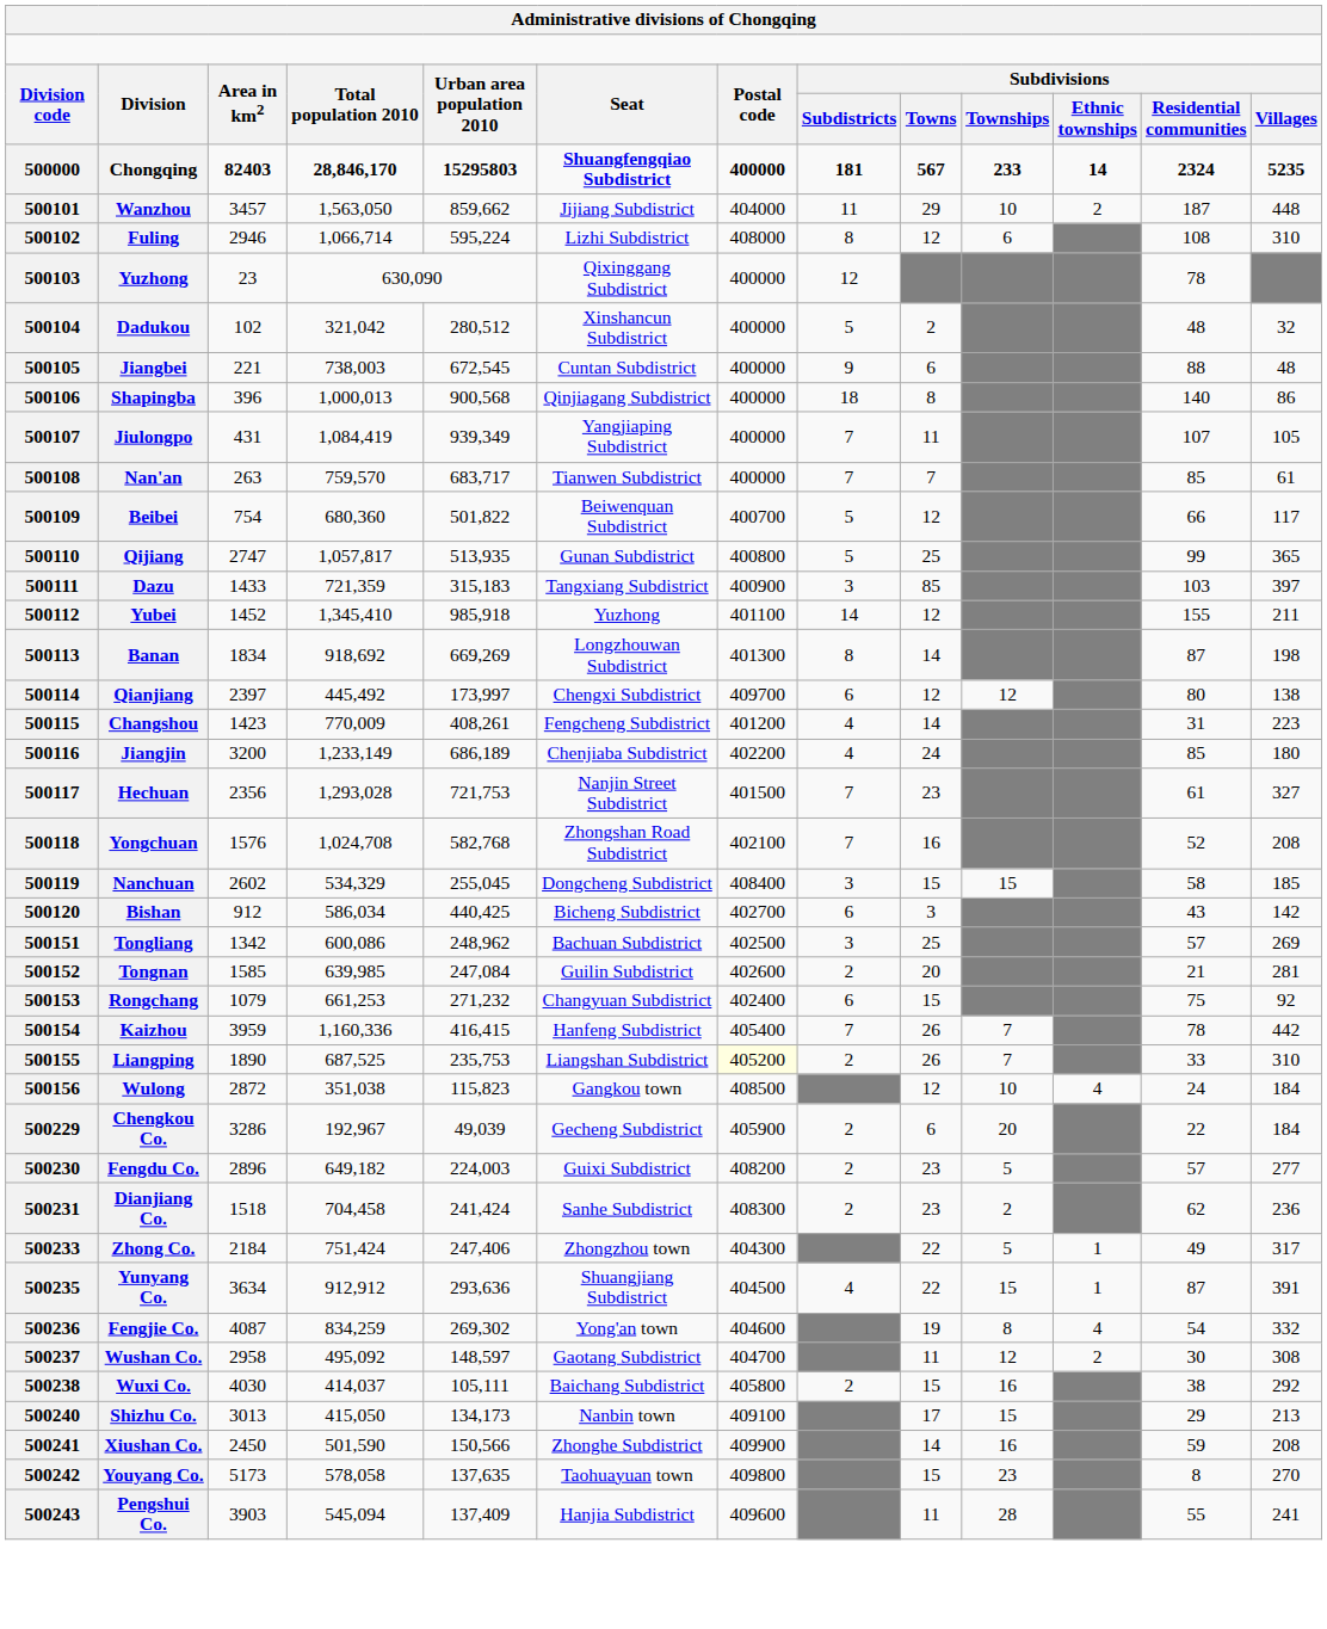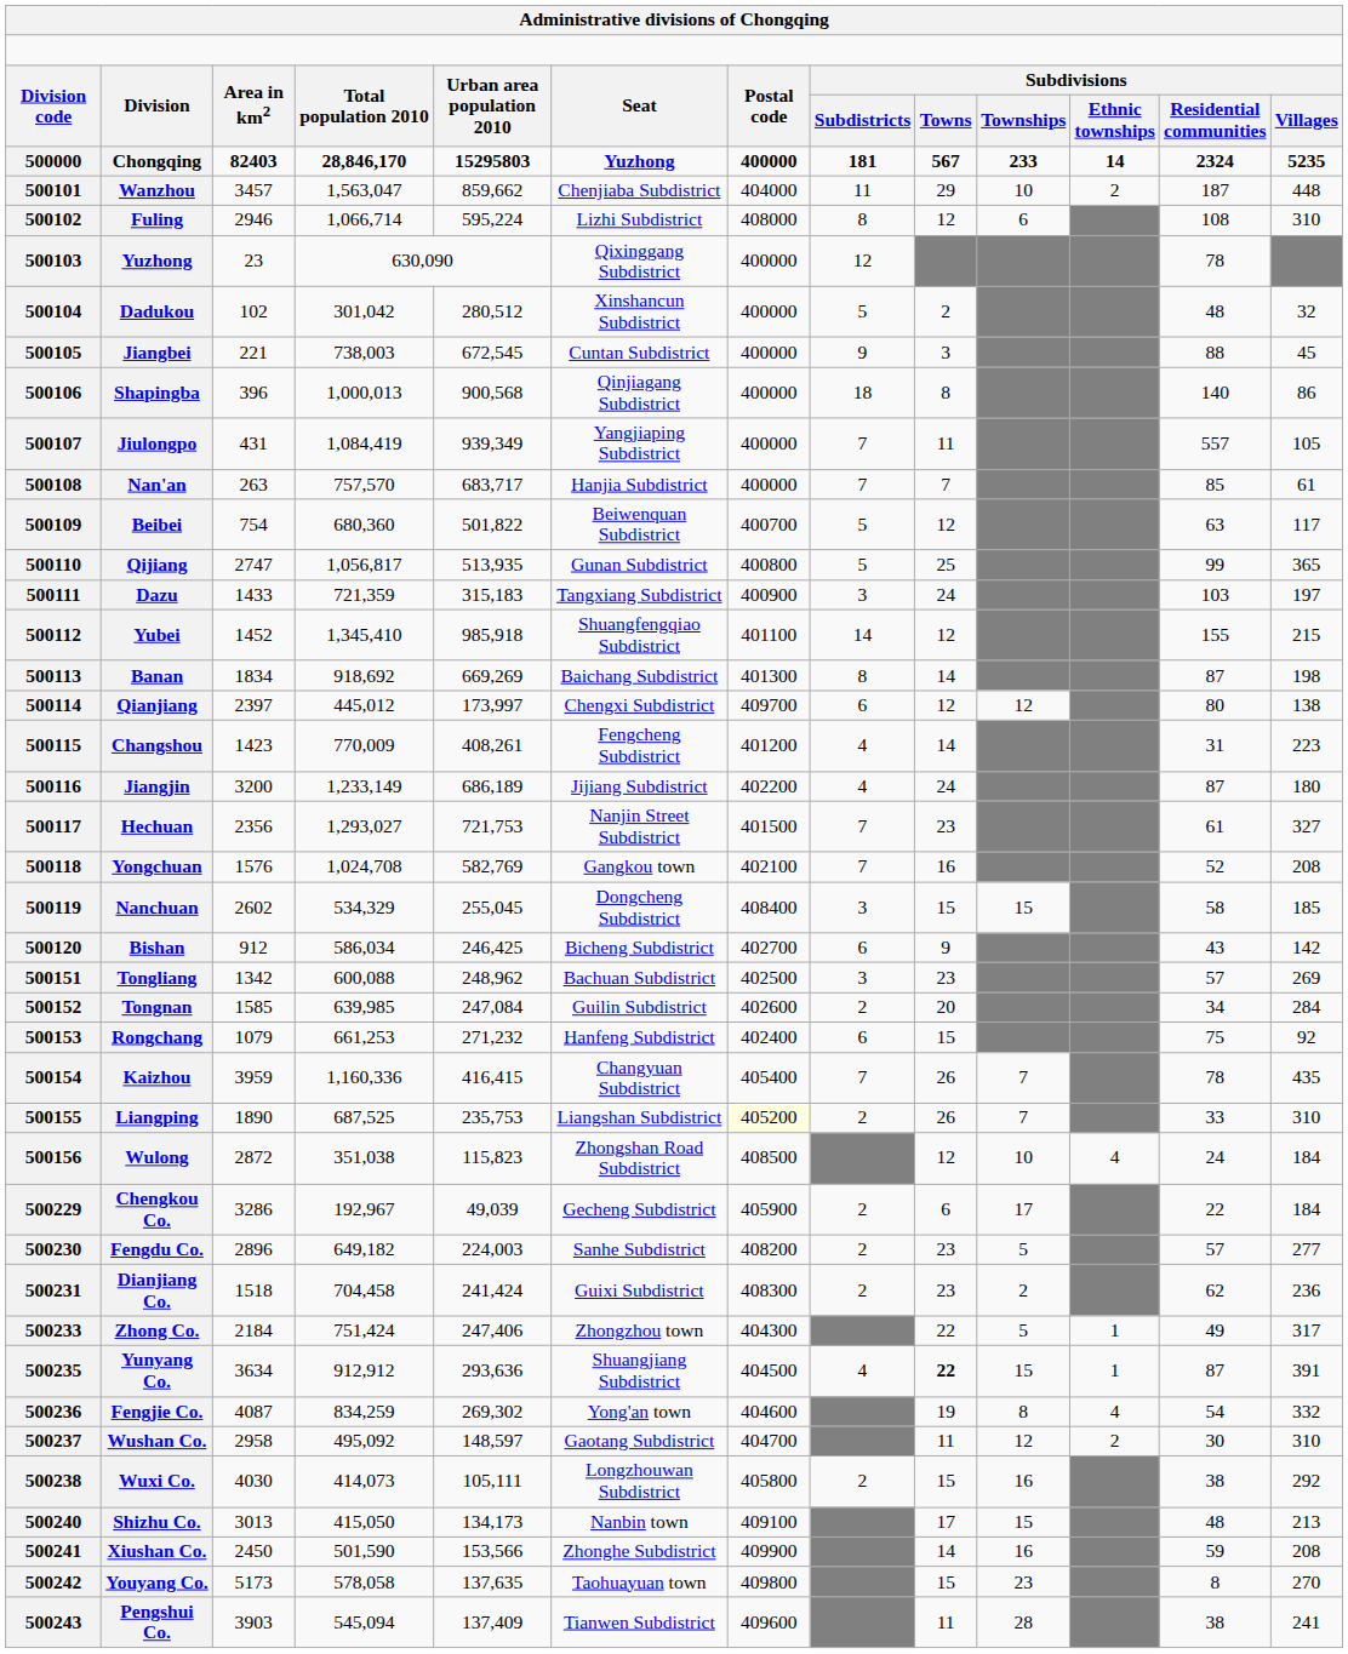 <table class="wikitable" style="margin:1em auto 1em auto; width:90%; text-align:center">
 <tr>
 <th colspan="14">Administrative divisions of Chongqing</th>
 </tr>
 <tr>
 <td colspan="14"><div><br>                                                      </div></td>
 </tr>
 <tr>
 <th ! scope="col" rowspan=2><a href='#'>Division code</a></th>
 <th ! scope="col" rowspan=2>Division</th>
 <th ! scope="col" rowspan=2>Area in km<sup>2</sup></th>
 <th ! scope="col" rowspan=2>Total population 2010</th>
 <th ! scope="col" rowspan=2>Urban area<br>population 2010</th>
 <th ! scope="col" rowspan=2>Seat</th>
 <th ! scope="col" rowspan=2>Postal code</th>
 <th ! scope="col" colspan=8>Subdivisions</th>
 </tr>
 <tr>
 <th ! scope="col" width="45"><a href='#'>Subdistricts</a></th>
 <th ! scope="col" width="45"><a href='#'>Towns</a></th>
 <th ! scope="col" width="45"><a href='#'>Townships</a><br></th>
 <th ! scope="col" width="45"><a href='#'>Ethnic townships</a></th>
 <th ! scope="col" width="45"><a href='#'>Residential communities</a></th>
 <th ! scope="col" width="45"><a href='#'>Villages</a></th>
 </tr>
 <tr style="font-weight: bold">
 <th>500000</th>
 <th>Chongqing</th>
 <td>82403</td>
 <td>28,846,170</td>
 <td>15295803</td>
-<td><a href='#'>Shuangfengqiao Subdistrict</a></td>
+<td><a href='#'>Yuzhong</a></td>
 <td>400000</td>
 <td>181</td>
 <td>567</td>
 <td>233</td>
 <td>14</td>
 <td>2324</td>
 <td>5235</td>
 </tr>
 <tr>
 <th>500101</th>
 <th><a href='#'>Wanzhou</a></th>
 <td>3457</td>
-<td>1,563,050</td>
+<td>1,563,047</td>
 <td>859,662</td>
-<td><a href='#'>Jijiang Subdistrict</a></td>
+<td><a href='#'>Chenjiaba Subdistrict</a></td>
 <td>404000</td>
 <td>11</td>
 <td>29</td>
 <td>10</td>
 <td>2</td>
 <td>187</td>
 <td>448</td>
 </tr>
 <tr>
 <th>500102</th>
 <th><a href='#'>Fuling</a></th>
 <td>2946</td>
 <td>1,066,714</td>
 <td>595,224</td>
 <td><a href='#'>Lizhi Subdistrict</a></td>
 <td>408000</td>
 <td>8</td>
 <td>12</td>
 <td>6</td>
 <td bgcolor="grey"></td>
 <td>108</td>
 <td>310</td>
 </tr>
 <tr>
 <th>500103</th>
 <th><a href='#'>Yuzhong</a></th>
 <td>23</td>
 <td colspan="2">630,090</td>
 <td><a href='#'>Qixinggang Subdistrict</a></td>
 <td>400000</td>
 <td>12</td>
 <td bgcolor="grey"></td>
 <td bgcolor="grey"></td>
 <td bgcolor="grey"></td>
 <td>78</td>
 <td bgcolor="grey"></td>
 </tr>
 <tr>
 <th>500104</th>
 <th><a href='#'>Dadukou</a></th>
 <td>102</td>
-<td>321,042</td>
+<td>301,042</td>
 <td>280,512</td>
 <td><a href='#'>Xinshancun Subdistrict</a></td>
 <td>400000</td>
 <td>5</td>
 <td>2</td>
 <td bgcolor="grey"></td>
 <td bgcolor="grey"></td>
 <td>48</td>
 <td>32</td>
 </tr>
 <tr>
 <th>500105</th>
 <th><a href='#'>Jiangbei</a></th>
 <td>221</td>
 <td>738,003</td>
 <td>672,545</td>
 <td><a href='#'>Cuntan Subdistrict</a></td>
 <td>400000</td>
 <td>9</td>
-<td>6</td>
+<td>3</td>
 <td bgcolor="grey"></td>
 <td bgcolor="grey"></td>
 <td>88</td>
-<td>48</td>
+<td>45</td>
 </tr>
 <tr>
 <th>500106</th>
 <th><a href='#'>Shapingba</a></th>
 <td>396</td>
 <td>1,000,013</td>
 <td>900,568</td>
 <td><a href='#'>Qinjiagang Subdistrict</a></td>
 <td>400000</td>
 <td>18</td>
 <td>8</td>
 <td bgcolor="grey"></td>
 <td bgcolor="grey"></td>
 <td>140</td>
 <td>86</td>
 </tr>
 <tr>
 <th>500107</th>
 <th><a href='#'>Jiulongpo</a></th>
 <td>431</td>
 <td>1,084,419</td>
 <td>939,349</td>
 <td><a href='#'>Yangjiaping Subdistrict</a></td>
 <td>400000</td>
 <td>7</td>
 <td>11</td>
 <td bgcolor="grey"></td>
 <td bgcolor="grey"></td>
-<td>107</td>
+<td>557</td>
 <td>105</td>
 </tr>
 <tr>
 <th>500108</th>
 <th><a href='#'>Nan'an</a></th>
 <td>263</td>
-<td>759,570</td>
+<td>757,570</td>
 <td>683,717</td>
-<td><a href='#'>Tianwen Subdistrict</a></td>
+<td><a href='#'>Hanjia Subdistrict</a></td>
 <td>400000</td>
 <td>7</td>
 <td>7</td>
 <td bgcolor="grey"></td>
 <td bgcolor="grey"></td>
 <td>85</td>
 <td>61</td>
 </tr>
 <tr>
 <th>500109</th>
 <th><a href='#'>Beibei</a></th>
 <td>754</td>
 <td>680,360</td>
 <td>501,822</td>
 <td><a href='#'>Beiwenquan Subdistrict</a></td>
 <td>400700</td>
 <td>5</td>
 <td>12</td>
 <td bgcolor="grey"></td>
 <td bgcolor="grey"></td>
-<td>66</td>
+<td>63</td>
 <td>117</td>
 </tr>
 <tr>
 <th>500110</th>
 <th><a href='#'>Qijiang</a></th>
 <td>2747</td>
-<td>1,057,817</td>
+<td>1,056,817</td>
 <td>513,935</td>
 <td><a href='#'>Gunan Subdistrict</a></td>
 <td>400800</td>
 <td>5</td>
 <td>25</td>
 <td bgcolor="grey"></td>
 <td bgcolor="grey"></td>
 <td>99</td>
 <td>365</td>
 </tr>
 <tr>
 <th>500111</th>
 <th><a href='#'>Dazu</a></th>
 <td>1433</td>
 <td>721,359</td>
 <td>315,183</td>
 <td><a href='#'>Tangxiang Subdistrict</a></td>
 <td>400900</td>
 <td>3</td>
-<td>85</td>
+<td>24</td>
 <td bgcolor="grey"></td>
 <td bgcolor="grey"></td>
 <td>103</td>
-<td>397</td>
+<td>197</td>
 </tr>
 <tr>
 <th>500112</th>
 <th><a href='#'>Yubei</a></th>
 <td>1452</td>
 <td>1,345,410</td>
 <td>985,918</td>
-<td><a href='#'>Yuzhong</a></td>
+<td><a href='#'>Shuangfengqiao Subdistrict</a></td>
 <td>401100</td>
 <td>14</td>
 <td>12</td>
 <td bgcolor="grey"></td>
 <td bgcolor="grey"></td>
 <td>155</td>
-<td>211</td>
+<td>215</td>
 </tr>
 <tr>
 <th>500113</th>
 <th><a href='#'>Banan</a></th>
 <td>1834</td>
 <td>918,692</td>
 <td>669,269</td>
-<td><a href='#'>Longzhouwan Subdistrict</a></td>
+<td><a href='#'>Baichang Subdistrict</a></td>
 <td>401300</td>
 <td>8</td>
 <td>14</td>
 <td bgcolor="grey"></td>
 <td bgcolor="grey"></td>
 <td>87</td>
 <td>198</td>
 </tr>
 <tr>
 <th>500114</th>
 <th><a href='#'>Qianjiang</a></th>
 <td>2397</td>
-<td>445,492</td>
+<td>445,012</td>
 <td>173,997</td>
 <td><a href='#'>Chengxi Subdistrict</a></td>
 <td>409700</td>
 <td>6</td>
 <td>12</td>
 <td>12</td>
 <td bgcolor="grey"></td>
 <td>80</td>
 <td>138</td>
 </tr>
 <tr>
 <th>500115</th>
 <th><a href='#'>Changshou</a></th>
 <td>1423</td>
 <td>770,009</td>
 <td>408,261</td>
 <td><a href='#'>Fengcheng Subdistrict</a></td>
 <td>401200</td>
 <td>4</td>
 <td>14</td>
 <td bgcolor="grey"></td>
 <td bgcolor="grey"></td>
 <td>31</td>
 <td>223</td>
 </tr>
 <tr>
 <th>500116</th>
 <th><a href='#'>Jiangjin</a></th>
 <td>3200</td>
 <td>1,233,149</td>
 <td>686,189</td>
-<td><a href='#'>Chenjiaba Subdistrict</a></td>
+<td><a href='#'>Jijiang Subdistrict</a></td>
 <td>402200</td>
 <td>4</td>
 <td>24</td>
 <td bgcolor="grey"></td>
 <td bgcolor="grey"></td>
-<td>85</td>
+<td>87</td>
 <td>180</td>
 </tr>
 <tr>
 <th>500117</th>
 <th><a href='#'>Hechuan</a></th>
 <td>2356</td>
-<td>1,293,028</td>
+<td>1,293,027</td>
 <td>721,753</td>
 <td><a href='#'>Nanjin Street Subdistrict</a></td>
 <td>401500</td>
 <td>7</td>
 <td>23</td>
 <td bgcolor="grey"></td>
 <td bgcolor="grey"></td>
 <td>61</td>
 <td>327</td>
 </tr>
 <tr>
 <th>500118</th>
 <th><a href='#'>Yongchuan</a></th>
 <td>1576</td>
 <td>1,024,708</td>
-<td>582,768</td>
-<td><a href='#'>Zhongshan Road Subdistrict</a></td>
+<td>582,769</td>
+<td><a href='#'>Gangkou</a> town</td>
 <td>402100</td>
 <td>7</td>
 <td>16</td>
 <td bgcolor="grey"></td>
 <td bgcolor="grey"></td>
 <td>52</td>
 <td>208</td>
 </tr>
 <tr>
 <th>500119</th>
 <th><a href='#'>Nanchuan</a></th>
 <td>2602</td>
 <td>534,329</td>
 <td>255,045</td>
 <td><a href='#'>Dongcheng Subdistrict</a></td>
 <td>408400</td>
 <td>3</td>
 <td>15</td>
 <td>15</td>
 <td bgcolor="grey"></td>
 <td>58</td>
 <td>185</td>
 </tr>
 <tr>
 <th>500120</th>
 <th><a href='#'>Bishan</a></th>
 <td>912</td>
 <td>586,034</td>
-<td>440,425</td>
+<td>246,425</td>
 <td><a href='#'>Bicheng Subdistrict</a></td>
 <td>402700</td>
 <td>6</td>
-<td>3</td>
+<td>9</td>
 <td bgcolor="grey"></td>
 <td bgcolor="grey"></td>
 <td>43</td>
 <td>142</td>
 </tr>
 <tr>
 <th>500151</th>
 <th><a href='#'>Tongliang</a></th>
 <td>1342</td>
-<td>600,086</td>
+<td>600,088</td>
 <td>248,962</td>
 <td><a href='#'>Bachuan Subdistrict</a></td>
 <td>402500</td>
 <td>3</td>
-<td>25</td>
+<td>23</td>
 <td bgcolor="grey"></td>
 <td bgcolor="grey"></td>
 <td>57</td>
 <td>269</td>
 </tr>
 <tr>
 <th>500152</th>
 <th><a href='#'>Tongnan</a></th>
 <td>1585</td>
 <td>639,985</td>
 <td>247,084</td>
 <td><a href='#'>Guilin Subdistrict</a></td>
 <td>402600</td>
 <td>2</td>
 <td>20</td>
 <td bgcolor="grey"></td>
 <td bgcolor="grey"></td>
-<td>21</td>
-<td>281</td>
+<td>34</td>
+<td>284</td>
 </tr>
 <tr>
 <th>500153</th>
 <th><a href='#'>Rongchang</a></th>
 <td>1079</td>
 <td>661,253</td>
 <td>271,232</td>
-<td><a href='#'>Changyuan Subdistrict</a></td>
+<td><a href='#'>Hanfeng Subdistrict</a></td>
 <td>402400</td>
 <td>6</td>
 <td>15</td>
 <td bgcolor="grey"></td>
 <td bgcolor="grey"></td>
 <td>75</td>
 <td>92</td>
 </tr>
 <tr>
 <th>500154</th>
 <th><a href='#'>Kaizhou</a></th>
 <td>3959</td>
 <td>1,160,336</td>
 <td>416,415</td>
-<td><a href='#'>Hanfeng Subdistrict</a></td>
+<td><a href='#'>Changyuan Subdistrict</a></td>
 <td>405400</td>
 <td>7</td>
 <td>26</td>
 <td>7</td>
 <td bgcolor="grey"></td>
 <td>78</td>
-<td>442</td>
+<td>435</td>
 </tr>
 <tr>
 <th>500155</th>
 <th><a href='#'>Liangping</a></th>
 <td>1890</td>
 <td>687,525</td>
 <td>235,753</td>
 <td><a href='#'>Liangshan Subdistrict</a></td>
 <td style="background: lightyellow;">405200</td>
 <td>2</td>
 <td>26</td>
 <td>7</td>
 <td bgcolor="grey"></td>
 <td>33</td>
 <td>310</td>
 </tr>
 <tr>
 <th>500156</th>
 <th><a href='#'>Wulong</a></th>
 <td>2872</td>
 <td>351,038</td>
 <td>115,823</td>
-<td><a href='#'>Gangkou</a> town</td>
+<td><a href='#'>Zhongshan Road Subdistrict</a></td>
 <td>408500</td>
 <td bgcolor="grey"></td>
 <td>12</td>
 <td>10</td>
 <td>4</td>
 <td>24</td>
 <td>184</td>
 </tr>
 <tr>
 <th>500229</th>
 <th><a href='#'>Chengkou Co.</a></th>
 <td>3286</td>
 <td>192,967</td>
 <td>49,039</td>
 <td><a href='#'>Gecheng Subdistrict</a></td>
 <td>405900</td>
 <td>2</td>
 <td>6</td>
-<td>20</td>
+<td>17</td>
 <td bgcolor="grey"></td>
 <td>22</td>
 <td>184</td>
 </tr>
 <tr>
 <th>500230</th>
 <th><a href='#'>Fengdu Co.</a></th>
 <td>2896</td>
 <td>649,182</td>
 <td>224,003</td>
-<td><a href='#'>Guixi Subdistrict</a></td>
+<td><a href='#'>Sanhe Subdistrict</a></td>
 <td>408200</td>
 <td>2</td>
 <td>23</td>
 <td>5</td>
 <td bgcolor="grey"></td>
 <td>57</td>
 <td>277</td>
 </tr>
 <tr>
 <th>500231</th>
 <th><a href='#'>Dianjiang Co.</a></th>
 <td>1518</td>
 <td>704,458</td>
 <td>241,424</td>
-<td><a href='#'>Sanhe Subdistrict</a></td>
+<td><a href='#'>Guixi Subdistrict</a></td>
 <td>408300</td>
 <td>2</td>
 <td>23</td>
 <td>2</td>
 <td bgcolor="grey"></td>
 <td>62</td>
 <td>236</td>
 </tr>
 <tr>
 <th>500233</th>
 <th><a href='#'>Zhong Co.</a></th>
 <td>2184</td>
 <td>751,424</td>
 <td>247,406</td>
 <td><a href='#'>Zhongzhou</a> town</td>
 <td>404300</td>
 <td bgcolor="grey"></td>
 <td>22</td>
 <td>5</td>
 <td>1</td>
 <td>49</td>
 <td>317</td>
 </tr>
 <tr>
 <th>500235</th>
 <th><a href='#'>Yunyang Co.</a></th>
 <td>3634</td>
 <td>912,912</td>
 <td>293,636</td>
 <td><a href='#'>Shuangjiang Subdistrict</a></td>
 <td>404500</td>
 <td>4</td>
-<td>22</td>
+<td><strong>22</strong></td>
 <td>15</td>
 <td>1</td>
 <td>87</td>
 <td>391</td>
 </tr>
 <tr>
 <th>500236</th>
 <th><a href='#'>Fengjie Co.</a></th>
 <td>4087</td>
 <td>834,259</td>
 <td>269,302</td>
 <td><a href='#'>Yong'an</a> town</td>
 <td>404600</td>
 <td bgcolor="grey"></td>
 <td>19</td>
 <td>8</td>
 <td>4</td>
 <td>54</td>
 <td>332</td>
 </tr>
 <tr>
 <th>500237</th>
 <th><a href='#'>Wushan Co.</a></th>
 <td>2958</td>
 <td>495,092</td>
 <td>148,597</td>
 <td><a href='#'>Gaotang Subdistrict</a></td>
 <td>404700</td>
 <td bgcolor="grey"></td>
 <td>11</td>
 <td>12</td>
 <td>2</td>
 <td>30</td>
-<td>308</td>
+<td>310</td>
 </tr>
 <tr>
 <th>500238</th>
 <th><a href='#'>Wuxi Co.</a></th>
 <td>4030</td>
-<td>414,037</td>
+<td>414,073</td>
 <td>105,111</td>
-<td><a href='#'>Baichang Subdistrict</a></td>
+<td><a href='#'>Longzhouwan Subdistrict</a></td>
 <td>405800</td>
 <td>2</td>
 <td>15</td>
 <td>16</td>
 <td bgcolor="grey"></td>
 <td>38</td>
 <td>292</td>
 </tr>
 <tr>
 <th>500240</th>
 <th><a href='#'>Shizhu Co.</a></th>
 <td>3013</td>
 <td>415,050</td>
 <td>134,173</td>
 <td><a href='#'>Nanbin</a> town</td>
 <td>409100</td>
 <td bgcolor="grey"></td>
 <td>17</td>
 <td>15</td>
 <td bgcolor="grey"></td>
-<td>29</td>
+<td>48</td>
 <td>213</td>
 </tr>
 <tr>
 <th>500241</th>
 <th><a href='#'>Xiushan Co.</a></th>
 <td>2450</td>
 <td>501,590</td>
-<td>150,566</td>
+<td>153,566</td>
 <td><a href='#'>Zhonghe Subdistrict</a></td>
 <td>409900</td>
 <td bgcolor="grey"></td>
 <td>14</td>
 <td>16</td>
 <td bgcolor="grey"></td>
 <td>59</td>
 <td>208</td>
 </tr>
 <tr>
 <th>500242</th>
 <th><a href='#'>Youyang Co.</a></th>
 <td>5173</td>
 <td>578,058</td>
 <td>137,635</td>
 <td><a href='#'>Taohuayuan</a> town</td>
 <td>409800</td>
 <td bgcolor="grey"></td>
 <td>15</td>
 <td>23</td>
 <td bgcolor="grey"></td>
 <td>8</td>
 <td>270</td>
 </tr>
 <tr>
 <th>500243</th>
 <th><a href='#'>Pengshui Co.</a></th>
 <td>3903</td>
 <td>545,094</td>
 <td>137,409</td>
-<td><a href='#'>Hanjia Subdistrict</a></td>
+<td><a href='#'>Tianwen Subdistrict</a></td>
 <td>409600</td>
 <td bgcolor="grey"></td>
 <td>11</td>
 <td>28</td>
 <td bgcolor="grey"></td>
-<td>55</td>
+<td>38</td>
 <td>241</td>
 </tr>
 </table>
